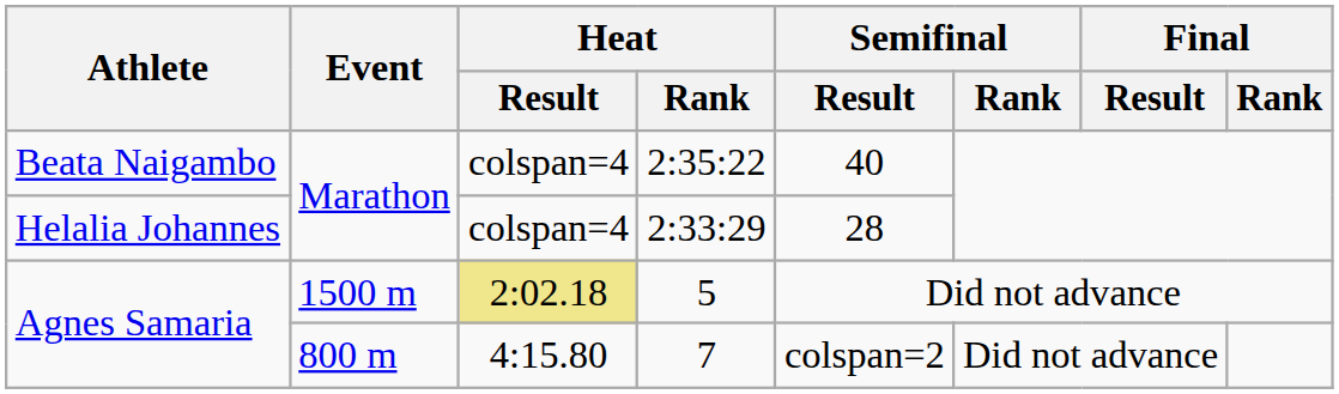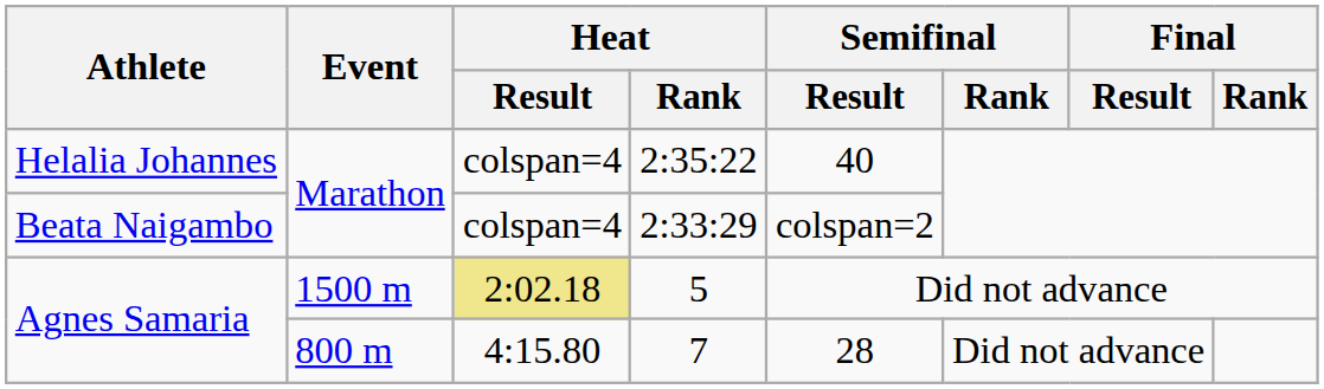 <table class=wikitable style="font-size:90%">
 <tr>
 <th rowspan="2">Athlete</th>
 <th rowspan="2">Event</th>
 <th colspan="2">Heat</th>
 <th colspan="2">Semifinal</th>
 <th colspan="2">Final</th>
 </tr>
 <tr style="font-size:95%">
 <th>Result</th>
 <th>Rank</th>
 <th>Result</th>
 <th>Rank</th>
 <th>Result</th>
 <th>Rank</th>
 </tr>
 <tr align=center>
-<td align=left><a href='#'>Beata Naigambo</a></td>
+<td align=left><a href='#'>Helalia Johannes</a></td>
 <td align=left rowspan=2><a href='#'>Marathon</a></td>
 <td>colspan=4 </td>
 <td>2:35:22</td>
 <td>40</td>
 </tr>
 <tr align=center>
-<td align=left><a href='#'>Helalia Johannes</a></td>
+<td align=left><a href='#'>Beata Naigambo</a></td>
 <td>colspan=4 </td>
 <td>2:33:29</td>
-<td>28</td>
+<td>colspan=2 </td>
 </tr>
 <tr align=center>
 <td align=left rowspan="2"><a href='#'>Agnes Samaria</a></td>
 <td align=left><a href='#'>1500 m</a></td>
 <td style="background: khaki;">2:02.18</td>
 <td>5</td>
 <td colspan=4>Did not advance</td>
 </tr>
 <tr align=center>
 <td align=left><a href='#'>800 m</a></td>
 <td>4:15.80</td>
 <td>7</td>
-<td>colspan=2 </td>
+<td>28</td>
 <td colspan=2>Did not advance</td>
 </tr>
 </table>
